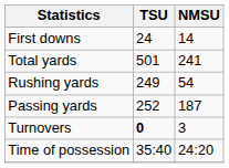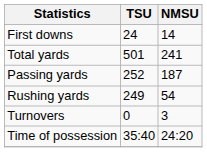 <table class="wikitable">
 <tr>
 <th>Statistics</th>
 <th>TSU</th>
 <th>NMSU</th>
 </tr>
 <tr>
 <td>First downs</td>
 <td>24</td>
 <td>14</td>
 </tr>
 <tr>
 <td>Total yards</td>
 <td>501</td>
 <td>241</td>
 </tr>
 <tr>
+<td>Passing yards</td>
+<td>252</td>
+<td>187</td>
+</tr>
+<tr>
 <td>Rushing yards</td>
 <td>249</td>
 <td>54</td>
 </tr>
 <tr>
-<td>Passing yards</td>
-<td>252</td>
-<td>187</td>
-</tr>
-<tr>
 <td>Turnovers</td>
-<td><strong>0</strong></td>
+<td>0</td>
 <td>3</td>
 </tr>
 <tr>
 <td>Time of possession</td>
 <td>35:40</td>
 <td>24:20</td>
 </tr>
 <tr>
 </tr>
 </table>
